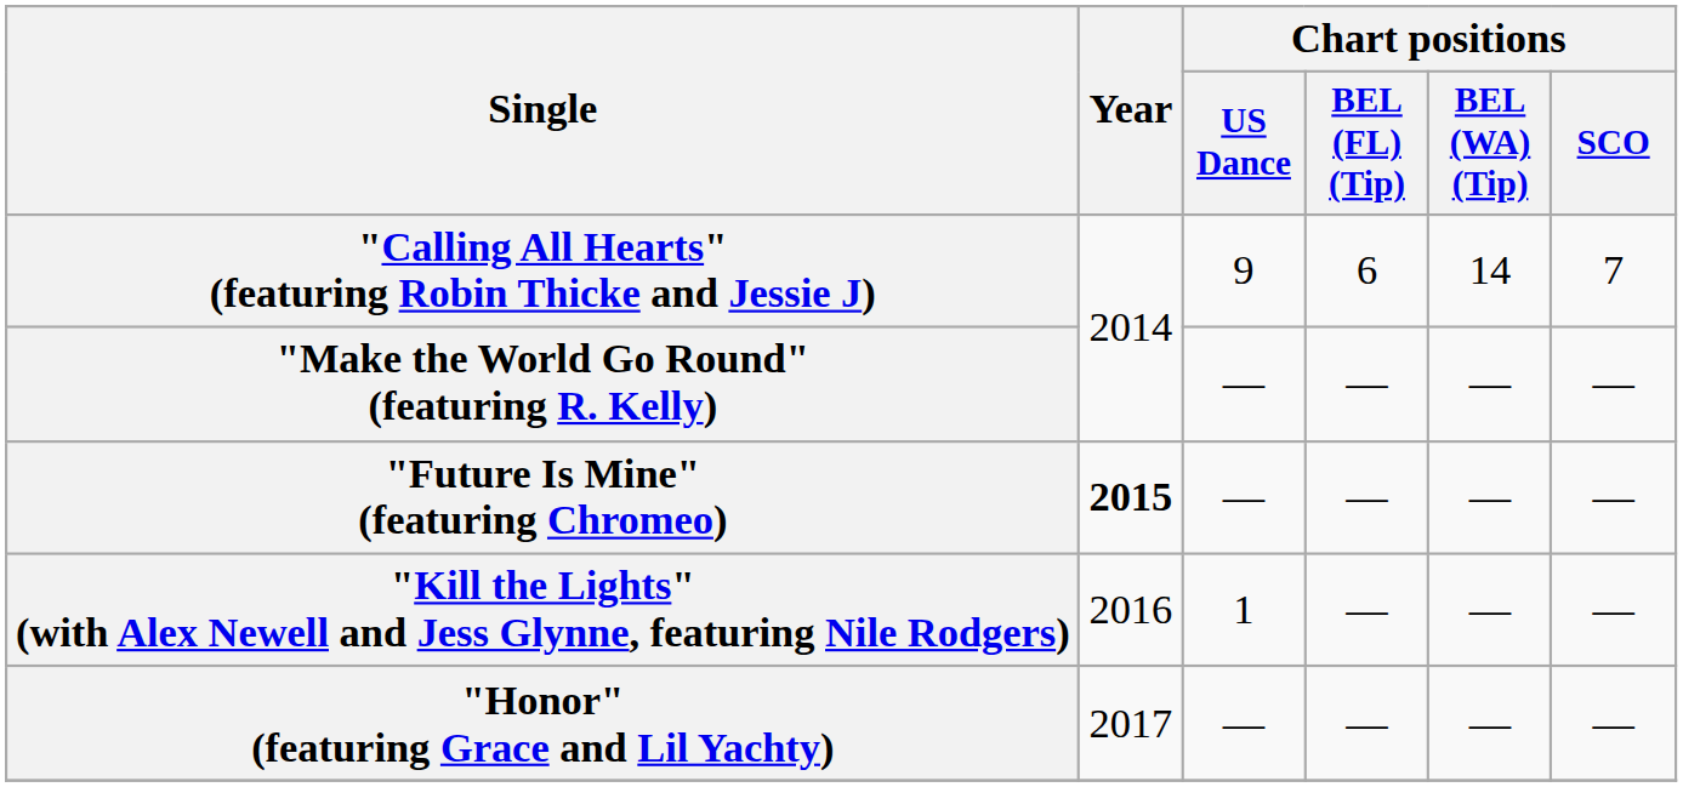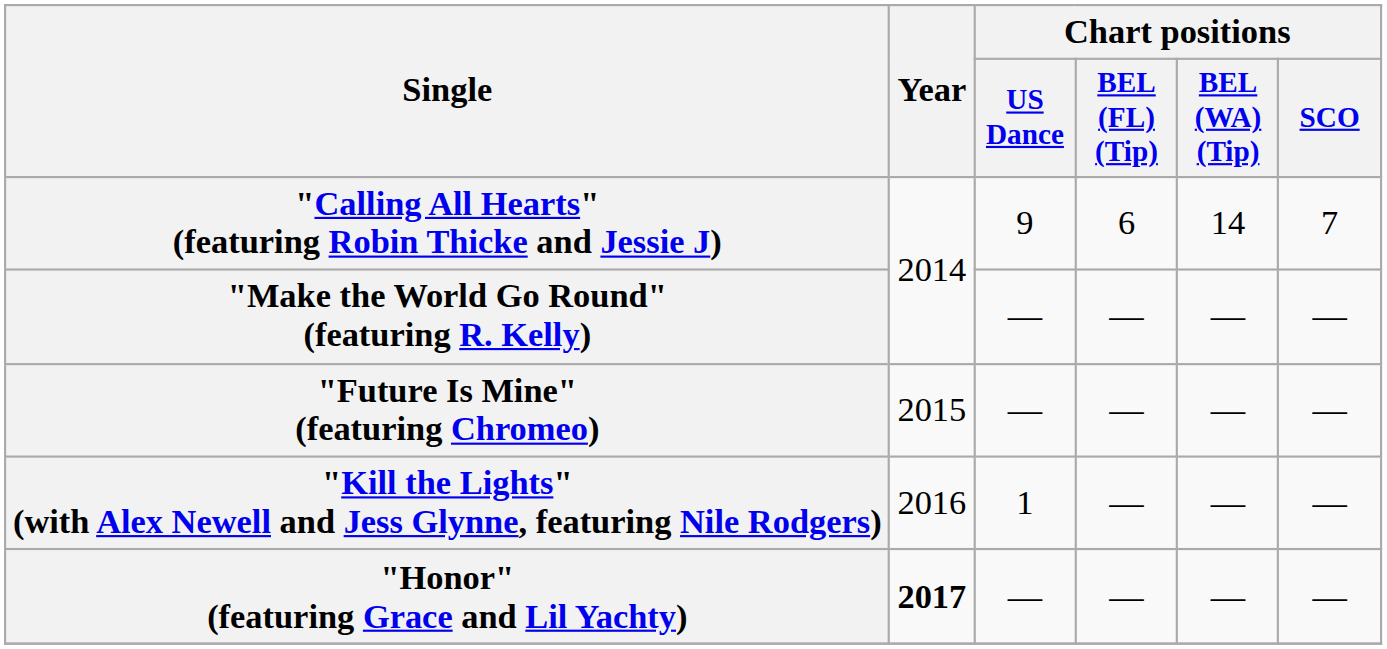 <table class="wikitable plainrowheaders" style="text-align:center;">
 <tr>
 <th scope="col" rowspan="2">Single</th>
 <th scope="col" rowspan="2">Year</th>
 <th scope="col" colspan="7">Chart positions</th>
 </tr>
 <tr>
 <th scope="col" style="width:3em;font-size:85%;"><a href='#'>US<br>Dance</a><br></th>
 <th scope="col" style="width:3em;font-size:85%;"><a href='#'>BEL<br>(FL)<br>(Tip)</a><br></th>
 <th scope="col" style="width:3em;font-size:85%;"><a href='#'>BEL<br>(WA)<br>(Tip)</a><br></th>
 <th scope="col" style="width:3em;font-size:85%;"><a href='#'>SCO</a><br></th>
 </tr>
 <tr>
 <th scope="row">"<a href='#'>Calling All Hearts</a>"<br><span>(featuring <a href='#'>Robin Thicke</a> and <a href='#'>Jessie J</a>)</span></th>
 <td rowspan="2">2014</td>
 <td>9</td>
 <td>6</td>
 <td>14</td>
 <td>7</td>
 </tr>
 <tr>
 <th scope="row">"Make the World Go Round"<br><span>(featuring <a href='#'>R. Kelly</a>)</span></th>
 <td>—</td>
 <td>—</td>
 <td>—</td>
 <td>—</td>
 </tr>
 <tr>
 <th scope="row">"Future Is Mine"<br><span>(featuring <a href='#'>Chromeo</a>)</span></th>
-<td><strong>2015</strong></td>
+<td>2015</td>
 <td>—</td>
 <td>—</td>
 <td>—</td>
 <td>—</td>
 </tr>
 <tr>
 <th scope="row">"<a href='#'>Kill the Lights</a>"<br><span>(with <a href='#'>Alex Newell</a> and <a href='#'>Jess Glynne</a>, featuring <a href='#'>Nile Rodgers</a>)</span></th>
 <td>2016</td>
 <td>1</td>
 <td>—</td>
 <td>—</td>
 <td>—</td>
 </tr>
 <tr>
 <th scope="row">"Honor"<br><span>(featuring <a href='#'>Grace</a> and <a href='#'>Lil Yachty</a>)</span></th>
-<td>2017</td>
+<td><strong>2017</strong></td>
 <td>—</td>
 <td>—</td>
 <td>—</td>
 <td>—</td>
 </tr>
 <tr>
 </tr>
 </table>
